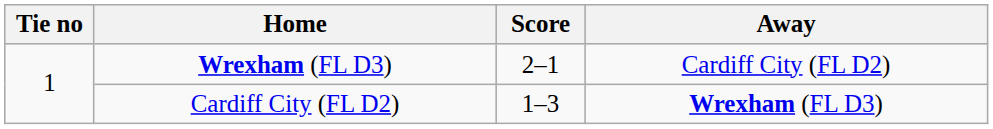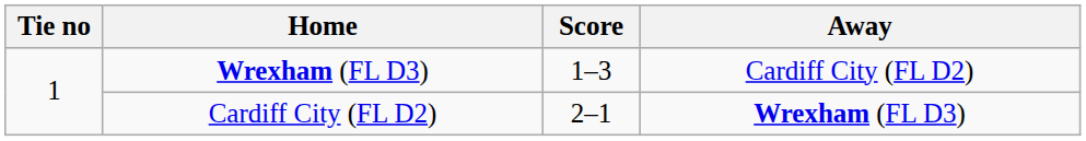 <table class="wikitable" style="text-align:center">
 <tr>
 <th width=50>Tie no</th>
 <th width=250>Home</th>
 <th width=50>Score</th>
 <th width=250>Away</th>
 </tr>
 <tr>
 <td rowspan=2>1</td>
 <td><strong><a href='#'>Wrexham</a></strong> (<a href='#'>FL D3</a>)</td>
-<td>2–1</td>
+<td>1–3</td>
 <td><a href='#'>Cardiff City</a> (<a href='#'>FL D2</a>)</td>
 </tr>
 <tr>
 <td><a href='#'>Cardiff City</a> (<a href='#'>FL D2</a>)</td>
-<td>1–3</td>
+<td>2–1</td>
 <td><strong><a href='#'>Wrexham</a></strong> (<a href='#'>FL D3</a>)</td>
 </tr>
 </table>
